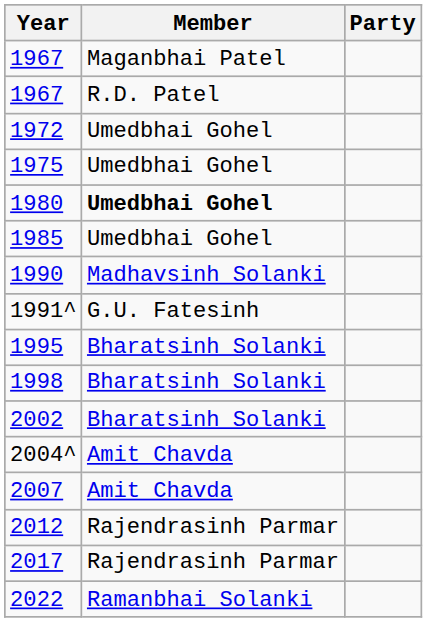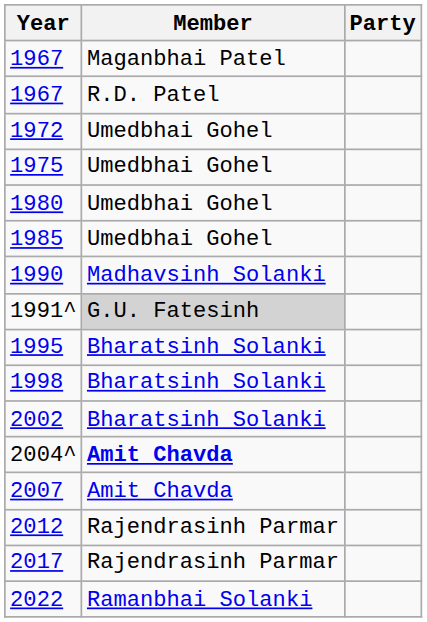 <table class="wikitable sortable">
 <tr>
 <th>Year</th>
 <th>Member</th>
 <th colspan="2">Party</th>
 </tr>
 <tr>
 <td><a href='#'>1967</a></td>
 <td>Maganbhai Patel</td>
 <td></td>
 </tr>
 <tr>
 <td><a href='#'>1967</a></td>
 <td>R.D. Patel</td>
 <td></td>
 </tr>
 <tr>
 <td><a href='#'>1972</a></td>
 <td>Umedbhai Gohel</td>
 <td></td>
 </tr>
 <tr>
 <td><a href='#'>1975</a></td>
 <td>Umedbhai Gohel</td>
 <td></td>
 </tr>
 <tr>
 <td><a href='#'>1980</a></td>
-<td><strong>Umedbhai Gohel</strong></td>
+<td>Umedbhai Gohel</td>
 <td></td>
 </tr>
 <tr>
 <td><a href='#'>1985</a></td>
 <td>Umedbhai Gohel</td>
 <td></td>
 </tr>
 <tr>
 <td><a href='#'>1990</a></td>
 <td><a href='#'>Madhavsinh Solanki</a></td>
 <td></td>
 </tr>
 <tr>
 <td>1991^</td>
-<td>G.U. Fatesinh</td>
+<td style="background: lightgrey;">G.U. Fatesinh</td>
 <td></td>
 </tr>
 <tr>
 <td><a href='#'>1995</a></td>
 <td><a href='#'>Bharatsinh Solanki</a></td>
 <td></td>
 </tr>
 <tr>
 <td><a href='#'>1998</a></td>
 <td><a href='#'>Bharatsinh Solanki</a></td>
 <td></td>
 </tr>
 <tr>
 <td><a href='#'>2002</a></td>
 <td><a href='#'>Bharatsinh Solanki</a></td>
 <td></td>
 </tr>
 <tr>
 <td>2004^</td>
-<td><a href='#'>Amit Chavda</a></td>
+<td><strong><a href='#'>Amit Chavda</a></strong></td>
 <td></td>
 </tr>
 <tr>
 <td><a href='#'>2007</a></td>
 <td><a href='#'>Amit Chavda</a></td>
 <td></td>
 </tr>
 <tr>
 <td><a href='#'>2012</a></td>
 <td>Rajendrasinh Parmar</td>
 <td></td>
 </tr>
 <tr>
 <td><a href='#'>2017</a></td>
 <td>Rajendrasinh Parmar</td>
 <td></td>
 </tr>
 <tr>
 <td><a href='#'>2022</a></td>
 <td><a href='#'>Ramanbhai Solanki</a></td>
 <td></td>
 </tr>
 </table>
